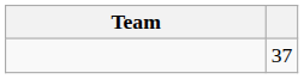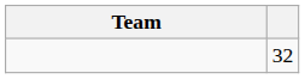 <table class="wikitable">
 <tr>
 <th width="190">Team</th>
 <th></th>
 </tr>
 <tr>
 <td></td>
-<td style="text-align:center">37</td>
+<td style="text-align:center">32</td>
 </tr>
 </table>
